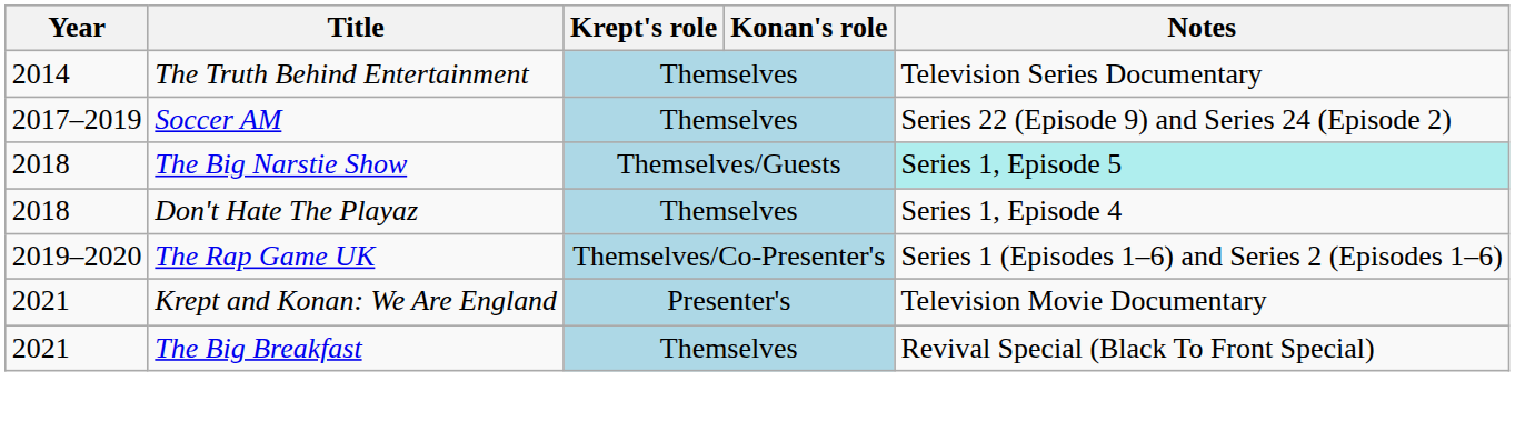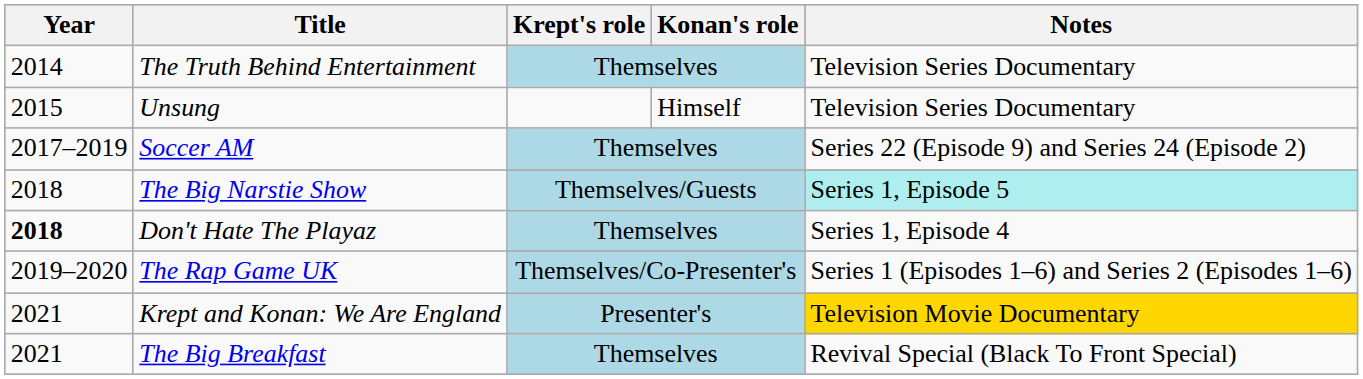 <table class="wikitable sortable">
 <tr>
 <th>Year</th>
 <th>Title</th>
 <th>Krept's role</th>
 <th>Konan's role</th>
 <th class="unsortable">Notes</th>
 </tr>
 <tr>
 <td>2014</td>
 <td><em>The Truth Behind Entertainment</em></td>
 <td style="background:lightblue;" align="center" colspan="2">Themselves</td>
 <td>Television Series Documentary</td>
 </tr>
 <tr>
+<td>2015</td>
+<td><em>Unsung</em></td>
+<td></td>
+<td>Himself</td>
+<td>Television Series Documentary</td>
+</tr>
+<tr>
 <td>2017–2019</td>
 <td><em><a href='#'>Soccer AM</a></em></td>
 <td style="background:lightblue;" align="center" colspan="2">Themselves</td>
 <td>Series 22 (Episode 9) and Series 24 (Episode 2)</td>
 </tr>
 <tr>
 <td>2018</td>
 <td><em><a href='#'>The Big Narstie Show</a></em></td>
 <td style="background:lightblue;" align="center" colspan="2">Themselves/Guests</td>
 <td style="background: paleturquoise;">Series 1, Episode 5</td>
 </tr>
 <tr>
-<td>2018</td>
+<td><strong>2018</strong></td>
 <td><em>Don't Hate The Playaz</em></td>
 <td style="background:lightblue;" align="center" colspan="2">Themselves</td>
 <td>Series 1, Episode 4</td>
 </tr>
 <tr>
 <td>2019–2020</td>
 <td><em><a href='#'>The Rap Game UK</a></em></td>
 <td style="background:lightblue;" align="center" colspan="2">Themselves/Co-Presenter's</td>
 <td>Series 1 (Episodes 1–6) and Series 2 (Episodes 1–6)</td>
 </tr>
 <tr>
 <td>2021</td>
 <td><em>Krept and Konan: We Are England</em></td>
 <td style="background:lightblue;" align="center" colspan="2">Presenter's</td>
-<td>Television Movie Documentary</td>
+<td style="background: gold;">Television Movie Documentary</td>
 </tr>
 <tr>
 <td>2021</td>
 <td><em><a href='#'>The Big Breakfast</a></em></td>
 <td style="background:lightblue;" align="center" colspan="2">Themselves</td>
 <td>Revival Special (Black To Front Special)</td>
 </tr>
 </table>
